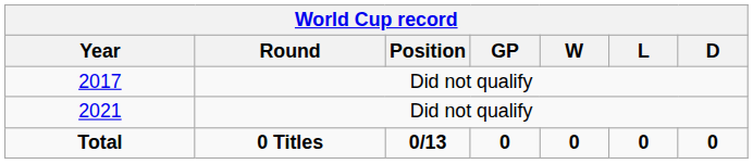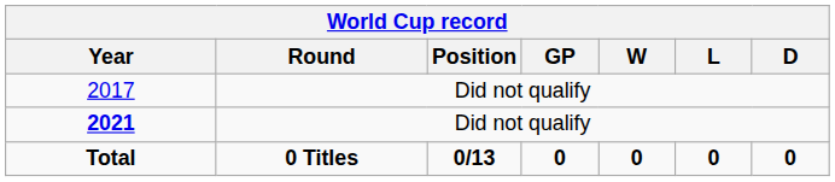 <table class="wikitable" style="text-align: center;">
 <tr>
 <th colspan=9><a href='#'>World Cup record</a></th>
 </tr>
 <tr>
 <th width=150>Year</th>
 <th width=150>Round</th>
 <th width=50>Position</th>
 <th width=50>GP</th>
 <th width=50>W</th>
 <th width=50>L</th>
 <th width=50>D</th>
 </tr>
 <tr>
 <td> <a href='#'>2017</a></td>
 <td rowspan=1 colspan=8>Did not qualify</td>
 </tr>
 <tr>
-<td> <a href='#'>2021</a></td>
+<td><strong> <a href='#'>2021</a></strong></td>
 <td rowspan=1 colspan=8>Did not qualify</td>
 </tr>
 <tr>
 <td><strong>Total</strong></td>
 <td><strong>0 Titles</strong></td>
 <td><strong>0/13</strong></td>
 <td><strong>0</strong></td>
 <td><strong>0</strong></td>
 <td><strong>0</strong></td>
 <td><strong>0</strong></td>
 </tr>
 </table>
